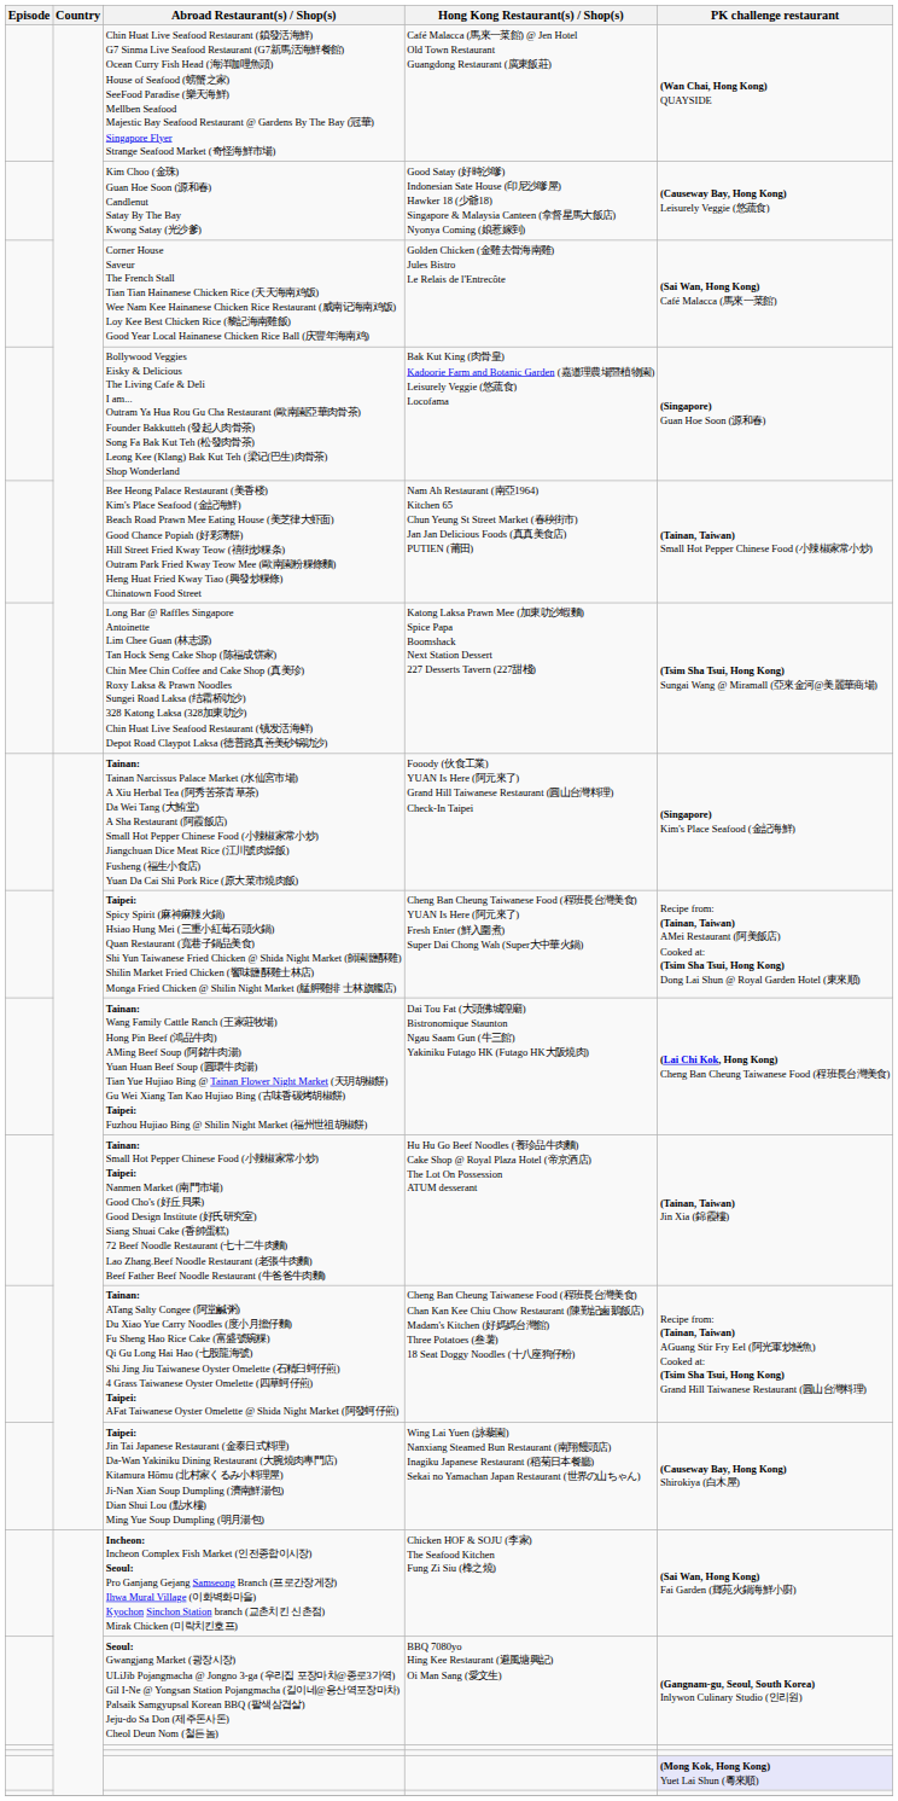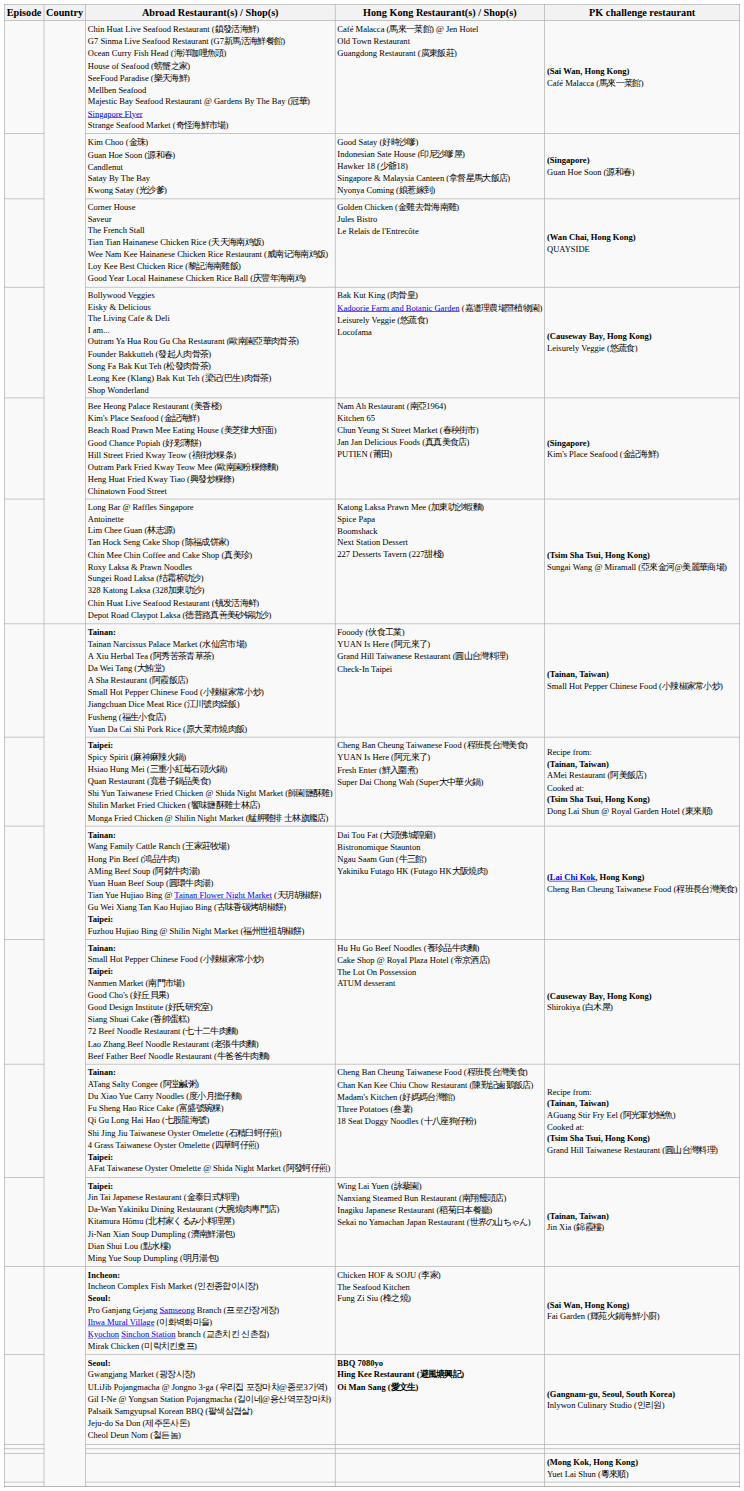 <table class="wikitable">
 <tr>
 <th>Episode</th>
 <th>Country</th>
 <th>Abroad Restaurant(s) / Shop(s)</th>
 <th>Hong Kong Restaurant(s) / Shop(s)</th>
 <th>PK challenge restaurant</th>
 </tr>
 <tr>
 <td></td>
 <td rowspan="6"></td>
 <td><small>Chin Huat Live Seafood Restaurant (鎮發活海鮮)<br>G7 Sinma Live Seafood Restaurant (G7新馬活海鮮餐館)<br>Ocean Curry Fish Head (海洋咖哩魚頭)<br>House of Seafood (螃蟹之家)<br>SeeFood Paradise (樂天海鮮)<br>Mellben Seafood<br> Majestic Bay Seafood Restaurant @ Gardens By The Bay (冠華)<br><a href='#'>Singapore Flyer</a><br>Strange Seafood Market (奇怪海鮮市場)</small></td>
 <td valign="top"><small>Café Malacca (馬來一菜館) @ Jen Hotel<br>Old Town Restaurant<br>Guangdong Restaurant (廣東飯莊)</small></td>
-<td><small><strong>(Wan Chai, Hong Kong)</strong><br>QUAYSIDE</small></td>
+<td><small><strong>(Sai Wan, Hong Kong)</strong><br>Café Malacca (馬來一菜館)</small></td>
 </tr>
 <tr>
 <td></td>
 <td><small>Kim Choo (金珠)<br>Guan Hoe Soon (源和春)<br>Candlenut<br>Satay By The Bay<br>Kwong Satay (光沙爹)</small></td>
 <td><small>Good Satay (好時沙嗲)<br>Indonesian Sate House (印尼沙嗲屋)<br>Hawker 18 (少爺18)<br>Singapore & Malaysia Canteen (拿督星馬大飯店)<br>Nyonya Coming (娘惹嫁到)</small></td>
-<td><small><strong>(Causeway Bay, Hong Kong)</strong><br>Leisurely Veggie (悠蔬食)</small></td>
+<td><small><strong>(Singapore)</strong><br>Guan Hoe Soon (源和春)</small></td>
 </tr>
 <tr>
 <td></td>
 <td><small>Corner House<br>Saveur<br>The French Stall<br>Tian Tian Hainanese Chicken Rice (天天海南鸡饭)<br>Wee Nam Kee Hainanese Chicken Rice Restaurant (威南记海南鸡饭)<br>Loy Kee Best Chicken Rice (黎記海南雞飯)<br>Good Year Local Hainanese Chicken Rice Ball (庆豐年海南鸡)</small></td>
 <td valign="top"><small>Golden Chicken (金雞去骨海南雞)<br>Jules Bistro<br>Le Relais de l'Entrecôte</small></td>
-<td><small><strong>(Sai Wan, Hong Kong)</strong><br>Café Malacca (馬來一菜館)</small></td>
+<td><small><strong>(Wan Chai, Hong Kong)</strong><br>QUAYSIDE</small></td>
 </tr>
 <tr>
 <td></td>
 <td><small>Bollywood Veggies<br>Eisky & Delicious<br>The Living Cafe & Deli<br>I am...<br>Outram Ya Hua Rou Gu Cha Restaurant (歐南園亞華肉骨茶)<br>Founder Bakkutteh (發起人肉骨茶)<br>Song Fa Bak Kut Teh (松發肉骨茶)<br>Leong Kee (Klang) Bak Kut Teh (梁记(巴生)肉骨茶)<br>Shop Wonderland</small></td>
 <td valign="top"><small>Bak Kut King (肉骨皇)<br><a href='#'>Kadoorie Farm and Botanic Garden</a> (嘉道理農場暨植物園)<br>Leisurely Veggie (悠蔬食)<br>Locofama</small></td>
-<td><small><strong>(Singapore)</strong><br>Guan Hoe Soon (源和春)</small></td>
+<td><small><strong>(Causeway Bay, Hong Kong)</strong><br>Leisurely Veggie (悠蔬食)</small></td>
 </tr>
 <tr>
 <td></td>
 <td><small>Bee Heong Palace Restaurant (美香楼)<br>Kim's Place Seafood (金記海鮮)<br>Beach Road Prawn Mee Eating House (美芝律大虾面)<br>Good Chance Popiah (好彩薄餅)<br>Hill Street Fried Kway Teow (禧街炒粿条)<br>Outram Park Fried Kway Teow Mee (歐南園粉粿條麵)<br>Heng Huat Fried Kway Tiao (興發炒粿條)<br>Chinatown Food Street</small></td>
 <td valign="top"><small>Nam Ah Restaurant (南亞1964)<br>Kitchen 65<br>Chun Yeung St Street Market (春秧街市)<br>Jan Jan Delicious Foods (真真美食店)<br>PUTIEN (莆田)</small></td>
-<td><small><strong>(Tainan, Taiwan)</strong><br>Small Hot Pepper Chinese Food (小辣椒家常小炒)</small></td>
+<td><small><strong>(Singapore)</strong><br>Kim's Place Seafood (金記海鮮)</small></td>
 </tr>
 <tr>
 <td></td>
 <td><small>Long Bar @ Raffles Singapore<br>Antoinette<br>Lim Chee Guan (林志源)<br>Tan Hock Seng Cake Shop (陈福成饼家)<br>Chin Mee Chin Coffee and Cake Shop (真美珍)<br>Roxy Laksa & Prawn Noodles<br>Sungei Road Laksa (结霜桥叻沙)<br>328 Katong Laksa (328加東叻沙)<br>Chin Huat Live Seafood Restaurant (镇发活海鲜)<br>Depot Road Claypot Laksa (德普路真善美砂锅叻沙)</small></td>
 <td valign="top"><small>Katong Laksa Prawn Mee (加東叻沙蝦麵)<br>Spice Papa<br>Boomshack<br>Next Station Dessert<br>227 Desserts Tavern (227甜棧)</small></td>
 <td><small><strong>(Tsim Sha Tsui, Hong Kong)</strong><br>Sungai Wang @ Miramall (亞來金河@美麗華商場)</small></td>
 </tr>
 <tr>
 <td></td>
 <td rowspan="6"></td>
 <td><small><strong>Tainan:</strong><br>Tainan Narcissus Palace Market (水仙宮市場)<br>A Xiu Herbal Tea (阿秀苦茶青草茶)<br>Da Wei Tang (大鮪堂)<br>A Sha Restaurant (阿霞飯店)<br>Small Hot Pepper Chinese Food (小辣椒家常小炒)<br>Jiangchuan Dice Meat Rice (江川號肉燥飯)<br>Fusheng (福生小食店)<br>Yuan Da Cai Shì Pork Rice (原大菜市燒肉飯)</small></td>
 <td valign="top"><small>Fooody (伙食工業)<br>YUAN Is Here (阿元來了)<br>Grand Hill Taiwanese Restaurant (圓山台灣料理)<br>Check-In Taipei</small></td>
-<td><small><strong>(Singapore)</strong><br>Kim's Place Seafood (金記海鮮)</small></td>
+<td><small><strong>(Tainan, Taiwan)</strong><br>Small Hot Pepper Chinese Food (小辣椒家常小炒)</small></td>
 </tr>
 <tr>
 <td></td>
 <td><small><strong>Taipei:</strong><br>Spicy Spirit (麻神麻辣火鍋)<br>Hsiao Hung Mei (三重小紅莓石頭火鍋)<br>Quan Restaurant (寬巷子鍋品美食)<br>Shi Yun Taiwanese Fried Chicken @ Shida Night Market (師園鹽酥雞)<br>Shilin Market Fried Chicken (饗味鹽酥雞士林店)<br>Monga Fried Chicken @ Shilin Night Market (艋舺雞排 士林旗艦店) </small></td>
 <td valign="top"><small>Cheng Ban Cheung Taiwanese Food (程班長台灣美食)<br>YUAN Is Here (阿元來了)<br>Fresh Enter (鮮入圍煮)<br>Super Dai Chong Wah (Super大中華火鍋)  </small></td>
 <td><small>Recipe from:<br><strong>(Tainan, Taiwan)</strong><br>AMei Restaurant (阿美飯店)<br>Cooked at:<br><strong>(Tsim Sha Tsui, Hong Kong)</strong><br>Dong Lai Shun @ Royal Garden Hotel (東來順)</small></td>
 </tr>
 <tr>
 <td></td>
 <td><small><strong>Tainan:</strong><br>Wang Family Cattle Ranch (王家莊牧場)<br>Hong Pin Beef (鴻品牛肉)<br>AMing Beef Soup (阿銘牛肉湯)<br>Yuan Huan Beef Soup (圓環牛肉湯)<br>Tian Yue Hujiao Bing @ <a href='#'>Tainan Flower Night Market</a> (天玥胡椒餅)<br>Gu Wei Xiang Tan Kao Hujiao Bing (古味香碳烤胡椒餅)<br><strong>Taipei:</strong><br>Fuzhou Hujiao Bing @ Shilin Night Market (福州世祖胡椒餅)</small></td>
 <td valign="top"><small>Dai Tou Fat (大頭佛城隍廟)<br>Bistronomique Staunton<br>Ngau Saam Gun (牛三館)<br>Yakiniku Futago HK (Futago HK大阪燒肉)</small></td>
 <td><small><strong>(<a href='#'>Lai Chi Kok</a>, Hong Kong)</strong><br>Cheng Ban Cheung Taiwanese Food (程班長台灣美食)</small></td>
 </tr>
 <tr>
 <td></td>
 <td><small><strong>Tainan:</strong><br>Small Hot Pepper Chinese Food (小辣椒家常小炒)<br><strong>Taipei:</strong><br>Nanmen Market (南門市場)<br>Good Cho's (好丘貝果)<br>Good Design Institute (好氏研究室)<br>Siang Shuai Cake (香帥蛋糕)<br>72 Beef Noodle Restaurant (七十二牛肉麵)<br>Lao Zhang.Beef Noodle Restaurant (老張牛肉麵)<br>Beef Father Beef Noodle Restaurant (牛爸爸牛肉麵)</small></td>
 <td valign="top"><small>Hu Hu Go Beef Noodles (養珍品牛肉麵)<br>Cake Shop @ Royal Plaza Hotel (帝京酒店)<br>The Lot On Possession<br>ATUM desserant</small></td>
-<td><small><strong>(Tainan, Taiwan)</strong><br>Jin Xia (錦霞樓)</small></td>
+<td><small><strong>(Causeway Bay, Hong Kong)</strong><br>Shirokiya (白木屋)</small></td>
 </tr>
 <tr>
 <td></td>
 <td><small><strong>Tainan:</strong><br>ATang Salty Congee (阿堂鹹粥)<br>Du Xiao Yue Carry Noodles (度小月擔仔麵)<br>Fu Sheng Hao Rice Cake (富盛號碗粿)<br>Qi Gu Long Hai Hao (七股龍海號)<br>Shi Jing Jiu Taiwanese Oyster Omelette (石精臼蚵仔煎)<br>4 Grass Taiwanese Oyster Omelette (四草蚵仔煎)<br><strong>Taipei:</strong><br>AFat Taiwanese Oyster Omelette @ Shida Night Market (阿發蚵仔煎)</small></td>
 <td valign="top"><small>Cheng Ban Cheung Taiwanese Food (程班長台灣美食)<br>Chan Kan Kee Chiu Chow Restaurant (陳勤記鹵鵝飯店)<br>Madam's Kitchen (好媽媽台灣館)<br>Three Potatoes (叁薯)<br>18 Seat Doggy Noodles (十八座狗仔粉)</small></td>
 <td><small>Recipe from:<br><strong>(Tainan, Taiwan)</strong><br> AGuang Stir Fry Eel (阿光軍炒鱔魚)<br>Cooked at:<br><strong>(Tsim Sha Tsui, Hong Kong)</strong><br>Grand Hill Taiwanese Restaurant (圓山台灣料理)</small></td>
 </tr>
 <tr>
 <td></td>
 <td><small><strong>Taipei:</strong><br>Jin Tai Japanese Restaurant (金泰日式料理)<br>Da-Wan Yakiniku Dining Restaurant (大腕燒肉專門店)<br>Kitamura Hōmu (北村家くるみ小料理屋)<br>Ji-Nan Xian Soup Dumpling (濟南鮮湯包)<br>Dian Shui Lou (點水樓)<br>Ming Yue Soup Dumpling (明月湯包)</small></td>
 <td valign="top"><small>Wing Lai Yuen (詠藜園)<br>Nanxiang Steamed Bun Restaurant (南翔饅頭店)<br>Inagiku Japanese Restaurant (稻菊日本餐廳)<br>Sekai no Yamachan Japan Restaurant (世界の山ちゃん)</small></td>
-<td><small><strong>(Causeway Bay, Hong Kong)</strong><br>Shirokiya (白木屋)</small></td>
+<td><small><strong>(Tainan, Taiwan)</strong><br>Jin Xia (錦霞樓)</small></td>
 </tr>
 <tr>
 <td></td>
 <td rowspan="6"></td>
 <td><small><strong>Incheon:</strong><br>Incheon Complex Fish Market (인전종합이시장)<br><strong>Seoul:</strong><br>Pro Ganjang Gejang <a href='#'>Samseong</a> Branch (프로간장게장)<br><a href='#'>Ihwa Mural Village</a> (이화벽화마을)<br><a href='#'>Kyochon</a> <a href='#'>Sinchon Station</a> branch (교촌치킨 신촌점)<br>Mirak Chicken (미락치킨호프)</small></td>
 <td valign="top"><small>Chicken HOF & SOJU (李家)<br>The Seafood Kitchen<br>Fung Zi Siu (桻之燒)</small></td>
 <td><small><strong>(Sai Wan, Hong Kong)</strong><br>Fai Garden (輝苑火鍋海鮮小廚)</small></td>
 </tr>
 <tr>
 <td></td>
 <td><small><strong>Seoul:</strong><br>Gwangjang Market (광장시장)<br>ULiJib Pojangmacha @ Jongno 3-ga (우리집 포장마차@종로3가역)<br>Gil I-Ne @ Yongsan Station Pojangmacha (길이네@용산역포장마차)<br>Palsaik Samgyupsal Korean BBQ (팔색삼겹살)<br>Jeju-do Sa Don (제주돈사돈)<br>Cheol Deun Nom (철든놈)</small></td>
-<td valign="top"><small>BBQ 7080yo<br>Hing Kee Restaurant (避風塘興記)<br>Oi Man Sang (愛文生)</small></td>
+<td valign="top"><strong><small>BBQ 7080yo<br>Hing Kee Restaurant (避風塘興記)<br>Oi Man Sang (愛文生)</small></strong></td>
 <td><small><strong>(Gangnam-gu, Seoul, South Korea)</strong> <br>Inlywon Culinary Studio (인리원)</small></td>
 </tr>
 <tr>
 <td></td>
 <td></td>
 <td></td>
 <td></td>
 </tr>
 <tr>
 <td></td>
 <td></td>
 <td></td>
 <td></td>
 </tr>
 <tr>
 <td></td>
 <td></td>
 <td></td>
-<td style="background: lavender;"><small><strong>(Mong Kok, Hong Kong)</strong><br>Yuet Lai Shun (粵來順)</small></td>
+<td><small><strong>(Mong Kok, Hong Kong)</strong><br>Yuet Lai Shun (粵來順)</small></td>
 </tr>
 <tr>
 <td></td>
 <td></td>
 <td></td>
 <td></td>
 </tr>
 <tr>
 </tr>
 </table>
